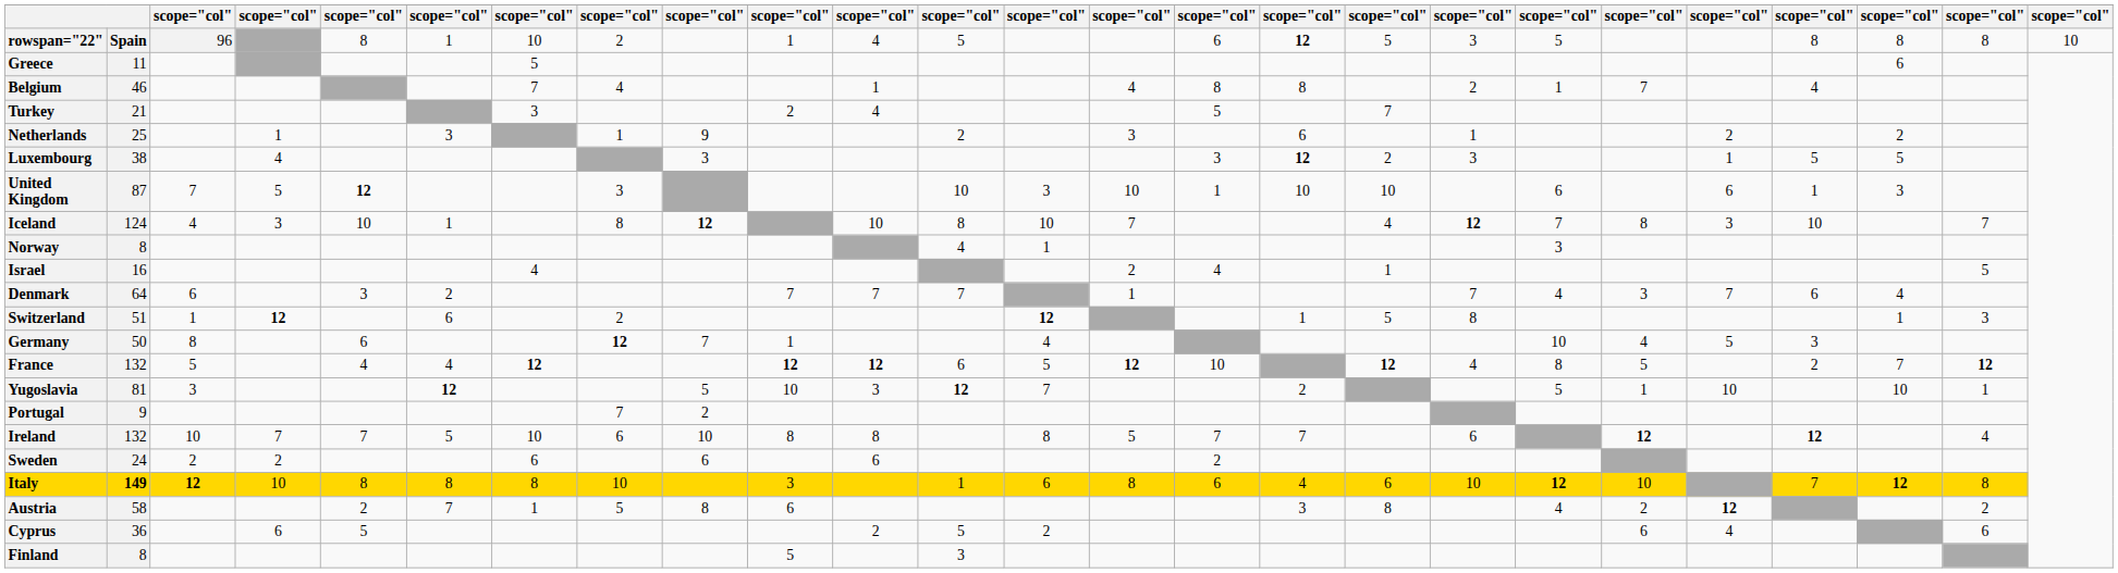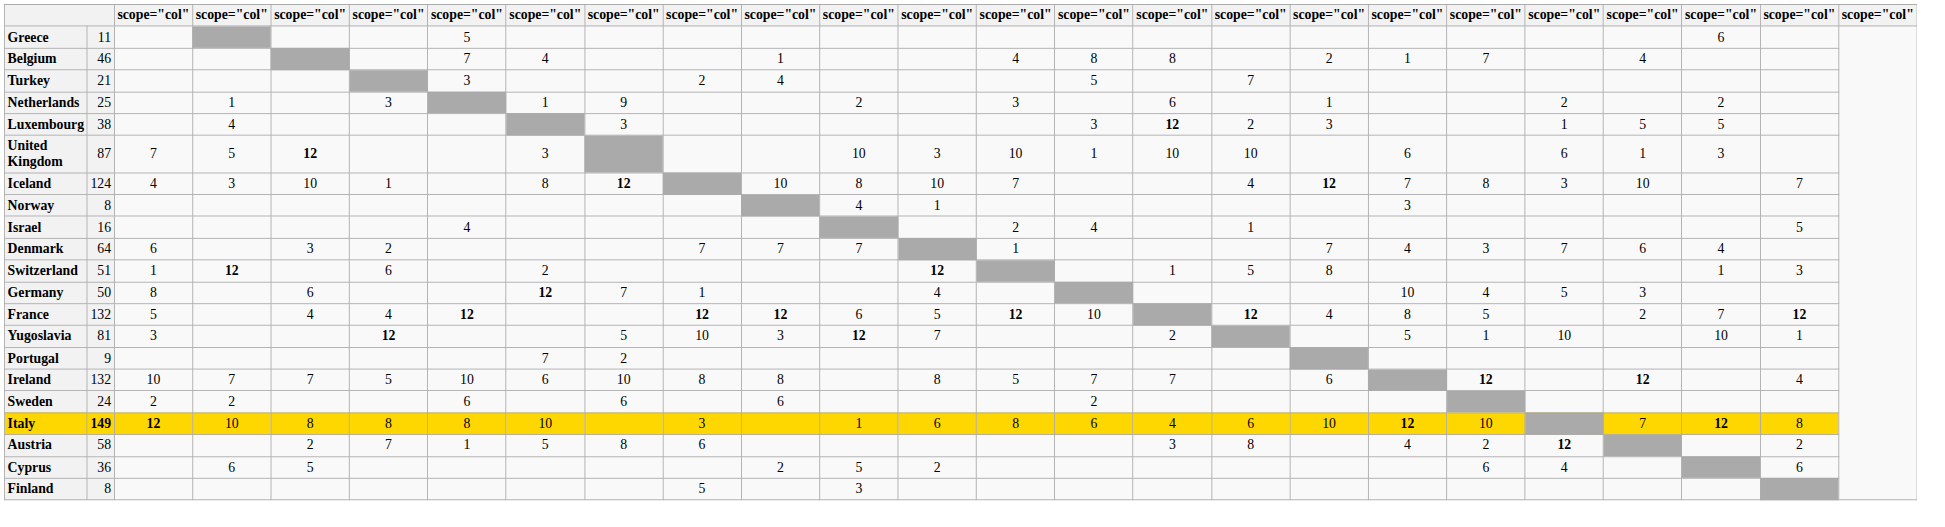 <table class="wikitable plainrowheaders" style="text-align:center;">
 <tr>
 </tr>
 <tr>
 <th colspan="2"></th>
 <th>scope="col" </th>
 <th>scope="col" </th>
 <th>scope="col" </th>
 <th>scope="col" </th>
 <th>scope="col" </th>
 <th>scope="col" </th>
 <th>scope="col" </th>
 <th>scope="col" </th>
 <th>scope="col" </th>
 <th>scope="col" </th>
 <th>scope="col" </th>
 <th>scope="col" </th>
 <th>scope="col" </th>
 <th>scope="col" </th>
 <th>scope="col" </th>
 <th>scope="col" </th>
 <th>scope="col" </th>
 <th>scope="col" </th>
 <th>scope="col" </th>
 <th>scope="col" </th>
 <th>scope="col" </th>
 <th>scope="col" </th>
 <th>scope="col" </th>
-</tr>
-<tr>
-<th>rowspan="22" </th>
-<th scope="row" style="text-align:left; background:#f2f2f2;">Spain</th>
-<td style="text-align:right; background:#f2f2f2;">96</td>
-<td style="text-align:left; background:#aaa;"></td>
-<td>8</td>
-<td>1</td>
-<td>10</td>
-<td>2</td>
-<td></td>
-<td>1</td>
-<td>4</td>
-<td>5</td>
-<td></td>
-<td></td>
-<td>6</td>
-<td><strong>12</strong></td>
-<td>5</td>
-<td>3</td>
-<td>5</td>
-<td></td>
-<td></td>
-<td>8</td>
-<td>8</td>
-<td>8</td>
-<td>10</td>
 </tr>
 <tr>
 <th scope="row" style="text-align:left; background:#f2f2f2;">Greece</th>
 <td style="text-align:right; background:#f2f2f2;">11</td>
 <td></td>
 <td style="text-align:left; background:#aaa;"></td>
 <td></td>
 <td></td>
 <td>5</td>
 <td></td>
 <td></td>
 <td></td>
 <td></td>
 <td></td>
 <td></td>
 <td></td>
 <td></td>
 <td></td>
 <td></td>
 <td></td>
 <td></td>
 <td></td>
 <td></td>
 <td></td>
 <td>6</td>
 <td></td>
 </tr>
 <tr>
 <th scope="row" style="text-align:left; background:#f2f2f2;">Belgium</th>
 <td style="text-align:right; background:#f2f2f2;">46</td>
 <td></td>
 <td></td>
 <td style="text-align:left; background:#aaa;"></td>
 <td></td>
 <td>7</td>
 <td>4</td>
 <td></td>
 <td></td>
 <td>1</td>
 <td></td>
 <td></td>
 <td>4</td>
 <td>8</td>
 <td>8</td>
 <td></td>
 <td>2</td>
 <td>1</td>
 <td>7</td>
 <td></td>
 <td>4</td>
 <td></td>
 <td></td>
 </tr>
 <tr>
 <th scope="row" style="text-align:left; background:#f2f2f2;">Turkey</th>
 <td style="text-align:right; background:#f2f2f2;">21</td>
 <td></td>
 <td></td>
 <td></td>
 <td style="text-align:left; background:#aaa;"></td>
 <td>3</td>
 <td></td>
 <td></td>
 <td>2</td>
 <td>4</td>
 <td></td>
 <td></td>
 <td></td>
 <td>5</td>
 <td></td>
 <td>7</td>
 <td></td>
 <td></td>
 <td></td>
 <td></td>
 <td></td>
 <td></td>
 <td></td>
 </tr>
 <tr>
 <th scope="row" style="text-align:left; background:#f2f2f2;">Netherlands</th>
 <td style="text-align:right; background:#f2f2f2;">25</td>
 <td></td>
 <td>1</td>
 <td></td>
 <td>3</td>
 <td style="text-align:left; background:#aaa;"></td>
 <td>1</td>
 <td>9</td>
 <td></td>
 <td></td>
 <td>2</td>
 <td></td>
 <td>3</td>
 <td></td>
 <td>6</td>
 <td></td>
 <td>1</td>
 <td></td>
 <td></td>
 <td>2</td>
 <td></td>
 <td>2</td>
 <td></td>
 </tr>
 <tr>
 <th scope="row" style="text-align:left; background:#f2f2f2;">Luxembourg</th>
 <td style="text-align:right; background:#f2f2f2;">38</td>
 <td></td>
 <td>4</td>
 <td></td>
 <td></td>
 <td></td>
 <td style="text-align:left; background:#aaa;"></td>
 <td>3</td>
 <td></td>
 <td></td>
 <td></td>
 <td></td>
 <td></td>
 <td>3</td>
 <td><strong>12</strong></td>
 <td>2</td>
 <td>3</td>
 <td></td>
 <td></td>
 <td>1</td>
 <td>5</td>
 <td>5</td>
 <td></td>
 </tr>
 <tr>
 <th scope="row" style="text-align:left; background:#f2f2f2;">United Kingdom</th>
 <td style="text-align:right; background:#f2f2f2;">87</td>
 <td>7</td>
 <td>5</td>
 <td><strong>12</strong></td>
 <td></td>
 <td></td>
 <td>3</td>
 <td style="text-align:left; background:#aaa;"></td>
 <td></td>
 <td></td>
 <td>10</td>
 <td>3</td>
 <td>10</td>
 <td>1</td>
 <td>10</td>
 <td>10</td>
 <td></td>
 <td>6</td>
 <td></td>
 <td>6</td>
 <td>1</td>
 <td>3</td>
 <td></td>
 </tr>
 <tr>
 <th scope="row" style="text-align:left; background:#f2f2f2;">Iceland</th>
 <td style="text-align:right; background:#f2f2f2;">124</td>
 <td>4</td>
 <td>3</td>
 <td>10</td>
 <td>1</td>
 <td></td>
 <td>8</td>
 <td><strong>12</strong></td>
 <td style="text-align:left; background:#aaa;"></td>
 <td>10</td>
 <td>8</td>
 <td>10</td>
 <td>7</td>
 <td></td>
 <td></td>
 <td>4</td>
 <td><strong>12</strong></td>
 <td>7</td>
 <td>8</td>
 <td>3</td>
 <td>10</td>
 <td></td>
 <td>7</td>
 </tr>
 <tr>
 <th scope="row" style="text-align:left; background:#f2f2f2;">Norway</th>
 <td style="text-align:right; background:#f2f2f2;">8</td>
 <td></td>
 <td></td>
 <td></td>
 <td></td>
 <td></td>
 <td></td>
 <td></td>
 <td></td>
 <td style="text-align:left; background:#aaa;"></td>
 <td>4</td>
 <td>1</td>
 <td></td>
 <td></td>
 <td></td>
 <td></td>
 <td></td>
 <td>3</td>
 <td></td>
 <td></td>
 <td></td>
 <td></td>
 <td></td>
 </tr>
 <tr>
 <th scope="row" style="text-align:left; background:#f2f2f2;">Israel</th>
 <td style="text-align:right; background:#f2f2f2;">16</td>
 <td></td>
 <td></td>
 <td></td>
 <td></td>
 <td>4</td>
 <td></td>
 <td></td>
 <td></td>
 <td></td>
 <td style="text-align:left; background:#aaa;"></td>
 <td></td>
 <td>2</td>
 <td>4</td>
 <td></td>
 <td>1</td>
 <td></td>
 <td></td>
 <td></td>
 <td></td>
 <td></td>
 <td></td>
 <td>5</td>
 </tr>
 <tr>
 <th scope="row" style="text-align:left; background:#f2f2f2;">Denmark</th>
 <td style="text-align:right; background:#f2f2f2;">64</td>
 <td>6</td>
 <td></td>
 <td>3</td>
 <td>2</td>
 <td></td>
 <td></td>
 <td></td>
 <td>7</td>
 <td>7</td>
 <td>7</td>
 <td style="text-align:left; background:#aaa;"></td>
 <td>1</td>
 <td></td>
 <td></td>
 <td></td>
 <td>7</td>
 <td>4</td>
 <td>3</td>
 <td>7</td>
 <td>6</td>
 <td>4</td>
 <td></td>
 </tr>
 <tr>
 <th scope="row" style="text-align:left; background:#f2f2f2;">Switzerland</th>
 <td style="text-align:right; background:#f2f2f2;">51</td>
 <td>1</td>
 <td><strong>12</strong></td>
 <td></td>
 <td>6</td>
 <td></td>
 <td>2</td>
 <td></td>
 <td></td>
 <td></td>
 <td></td>
 <td><strong>12</strong></td>
 <td style="text-align:left; background:#aaa;"></td>
 <td></td>
 <td>1</td>
 <td>5</td>
 <td>8</td>
 <td></td>
 <td></td>
 <td></td>
 <td></td>
 <td>1</td>
 <td>3</td>
 </tr>
 <tr>
 <th scope="row" style="text-align:left; background:#f2f2f2;">Germany</th>
 <td style="text-align:right; background:#f2f2f2;">50</td>
 <td>8</td>
 <td></td>
 <td>6</td>
 <td></td>
 <td></td>
 <td><strong>12</strong></td>
 <td>7</td>
 <td>1</td>
 <td></td>
 <td></td>
 <td>4</td>
 <td></td>
 <td style="text-align:left; background:#aaa;"></td>
 <td></td>
 <td></td>
 <td></td>
 <td>10</td>
 <td>4</td>
 <td>5</td>
 <td>3</td>
 <td></td>
 <td></td>
 </tr>
 <tr>
 <th scope="row" style="text-align:left; background:#f2f2f2;">France</th>
 <td style="text-align:right; background:#f2f2f2;">132</td>
 <td>5</td>
 <td></td>
 <td>4</td>
 <td>4</td>
 <td><strong>12</strong></td>
 <td></td>
 <td></td>
 <td><strong>12</strong></td>
 <td><strong>12</strong></td>
 <td>6</td>
 <td>5</td>
 <td><strong>12</strong></td>
 <td>10</td>
 <td style="text-align:left; background:#aaa;"></td>
 <td><strong>12</strong></td>
 <td>4</td>
 <td>8</td>
 <td>5</td>
 <td></td>
 <td>2</td>
 <td>7</td>
 <td><strong>12</strong></td>
 </tr>
 <tr>
 <th scope="row" style="text-align:left; background:#f2f2f2;">Yugoslavia</th>
 <td style="text-align:right; background:#f2f2f2;">81</td>
 <td>3</td>
 <td></td>
 <td></td>
 <td><strong>12</strong></td>
 <td></td>
 <td></td>
 <td>5</td>
 <td>10</td>
 <td>3</td>
 <td><strong>12</strong></td>
 <td>7</td>
 <td></td>
 <td></td>
 <td>2</td>
 <td style="text-align:left; background:#aaa;"></td>
 <td></td>
 <td>5</td>
 <td>1</td>
 <td>10</td>
 <td></td>
 <td>10</td>
 <td>1</td>
 </tr>
 <tr>
 <th scope="row" style="text-align:left; background:#f2f2f2;">Portugal</th>
 <td style="text-align:right; background:#f2f2f2;">9</td>
 <td></td>
 <td></td>
 <td></td>
 <td></td>
 <td></td>
 <td>7</td>
 <td>2</td>
 <td></td>
 <td></td>
 <td></td>
 <td></td>
 <td></td>
 <td></td>
 <td></td>
 <td></td>
 <td style="text-align:left; background:#aaa;"></td>
 <td></td>
 <td></td>
 <td></td>
 <td></td>
 <td></td>
 <td></td>
 </tr>
 <tr>
 <th scope="row" style="text-align:left; background:#f2f2f2;">Ireland</th>
 <td style="text-align:right; background:#f2f2f2;">132</td>
 <td>10</td>
 <td>7</td>
 <td>7</td>
 <td>5</td>
 <td>10</td>
 <td>6</td>
 <td>10</td>
 <td>8</td>
 <td>8</td>
 <td></td>
 <td>8</td>
 <td>5</td>
 <td>7</td>
 <td>7</td>
 <td></td>
 <td>6</td>
 <td style="text-align:left; background:#aaa;"></td>
 <td><strong>12</strong></td>
 <td></td>
 <td><strong>12</strong></td>
 <td></td>
 <td>4</td>
 </tr>
 <tr>
 <th scope="row" style="text-align:left; background:#f2f2f2;">Sweden</th>
 <td style="text-align:right; background:#f2f2f2;">24</td>
 <td>2</td>
 <td>2</td>
 <td></td>
 <td></td>
 <td>6</td>
 <td></td>
 <td>6</td>
 <td></td>
 <td>6</td>
 <td></td>
 <td></td>
 <td></td>
 <td>2</td>
 <td></td>
 <td></td>
 <td></td>
 <td></td>
 <td style="text-align:left; background:#aaa;"></td>
 <td></td>
 <td></td>
 <td></td>
 <td></td>
 </tr>
 <tr style="background:gold;">
 <th scope="row" style="text-align:left; font-weight:bold; background:gold;">Italy</th>
 <td style="text-align:right; font-weight:bold;">149</td>
 <td><strong>12</strong></td>
 <td>10</td>
 <td>8</td>
 <td>8</td>
 <td>8</td>
 <td>10</td>
 <td></td>
 <td>3</td>
 <td></td>
 <td>1</td>
 <td>6</td>
 <td>8</td>
 <td>6</td>
 <td>4</td>
 <td>6</td>
 <td>10</td>
 <td><strong>12</strong></td>
 <td>10</td>
 <td style="text-align:left; background:#aaa;"></td>
 <td>7</td>
 <td><strong>12</strong></td>
 <td>8</td>
 </tr>
 <tr>
 <th scope="row" style="text-align:left; background:#f2f2f2;">Austria</th>
 <td style="text-align:right; background:#f2f2f2;">58</td>
 <td></td>
 <td></td>
 <td>2</td>
 <td>7</td>
 <td>1</td>
 <td>5</td>
 <td>8</td>
 <td>6</td>
 <td></td>
 <td></td>
 <td></td>
 <td></td>
 <td></td>
 <td>3</td>
 <td>8</td>
 <td></td>
 <td>4</td>
 <td>2</td>
 <td><strong>12</strong></td>
 <td style="text-align:left; background:#aaa;"></td>
 <td></td>
 <td>2</td>
 </tr>
 <tr>
 <th scope="row" style="text-align:left; background:#f2f2f2;">Cyprus</th>
 <td style="text-align:right; background:#f2f2f2;">36</td>
 <td></td>
 <td>6</td>
 <td>5</td>
 <td></td>
 <td></td>
 <td></td>
 <td></td>
 <td></td>
 <td>2</td>
 <td>5</td>
 <td>2</td>
 <td></td>
 <td></td>
 <td></td>
 <td></td>
 <td></td>
 <td></td>
 <td>6</td>
 <td>4</td>
 <td></td>
 <td style="text-align:left; background:#aaa;"></td>
 <td>6</td>
 </tr>
 <tr>
 <th scope="row" style="text-align:left; background:#f2f2f2;">Finland</th>
 <td style="text-align:right; background:#f2f2f2;">8</td>
 <td></td>
 <td></td>
 <td></td>
 <td></td>
 <td></td>
 <td></td>
 <td></td>
 <td>5</td>
 <td></td>
 <td>3</td>
 <td></td>
 <td></td>
 <td></td>
 <td></td>
 <td></td>
 <td></td>
 <td></td>
 <td></td>
 <td></td>
 <td></td>
 <td></td>
 <td style="text-align:left; background:#aaa;"></td>
 </tr>
 </table>
